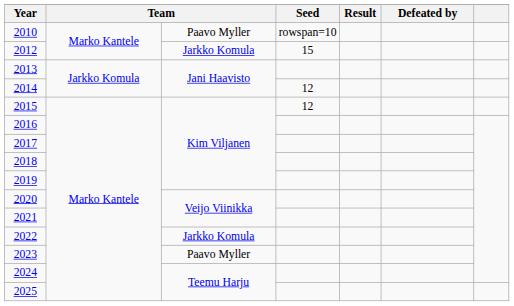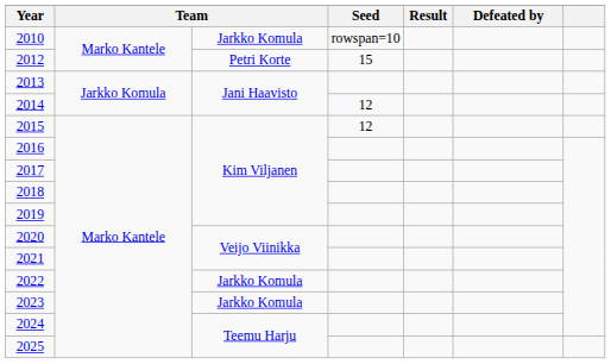 <table class="wikitable" style="text-align: center;">
 <tr style= "background: #e2e2e2;">
 </tr>
 <tr style="background: #efefef;">
 <th width=50px>Year</th>
 <th colspan="2">Team</th>
 <th width=50px>Seed</th>
 <th width=50px>Result</th>
 <th width=120px>Defeated by</th>
 <th width=40px></th>
 </tr>
 <tr>
 <td><a href='#'>2010</a></td>
 <td rowspan=2 width=150px><a href='#'>Marko Kantele</a></td>
-<td>Paavo Myller</td>
+<td width=150px><a href='#'>Jarkko Komula</a></td>
 <td>rowspan=10 </td>
 <td></td>
 <td> </td>
 <td></td>
 </tr>
 <tr>
 <td><a href='#'>2012</a></td>
-<td width=150px><a href='#'>Jarkko Komula</a></td>
+<td><a href='#'>Petri Korte</a></td>
 <td>15</td>
 <td></td>
 <td> </td>
 <td></td>
 </tr>
 <tr>
 <td><a href='#'>2013</a></td>
 <td rowspan=2><a href='#'>Jarkko Komula</a></td>
 <td rowspan=2><a href='#'>Jani Haavisto</a></td>
 <td></td>
 <td></td>
 <td> </td>
 <td></td>
 </tr>
 <tr>
 <td><a href='#'>2014</a></td>
 <td>12</td>
 <td></td>
 <td> </td>
 <td></td>
 </tr>
 <tr>
 <td><a href='#'>2015</a></td>
 <td rowspan=11><a href='#'>Marko Kantele</a></td>
 <td rowspan=5><a href='#'>Kim Viljanen</a></td>
 <td>12</td>
 <td></td>
 <td> </td>
 <td></td>
 </tr>
 <tr>
 <td><a href='#'>2016</a></td>
 <td></td>
 <td> </td>
 <td></td>
 </tr>
 <tr>
 <td><a href='#'>2017</a></td>
 <td></td>
 <td> </td>
 <td></td>
 </tr>
 <tr>
 <td><a href='#'>2018</a></td>
 <td></td>
 <td> </td>
 <td></td>
 </tr>
 <tr>
 <td><a href='#'>2019</a></td>
 <td></td>
 <td> </td>
 <td></td>
 </tr>
 <tr>
 <td><a href='#'>2020</a></td>
 <td rowspan=2><a href='#'>Veijo Viinikka</a></td>
 <td></td>
 <td> </td>
 <td></td>
 </tr>
 <tr>
 <td><a href='#'>2021</a></td>
 <td></td>
 <td> </td>
 <td></td>
 </tr>
 <tr>
 <td><a href='#'>2022</a></td>
 <td width=150px><a href='#'>Jarkko Komula</a></td>
 <td></td>
 <td> </td>
 <td></td>
 </tr>
 <tr>
 <td><a href='#'>2023</a></td>
-<td>Paavo Myller</td>
+<td width=150px><a href='#'>Jarkko Komula</a></td>
 <td></td>
 <td> </td>
 <td></td>
 </tr>
 <tr>
 <td><a href='#'>2024</a></td>
 <td rowspan=2><a href='#'>Teemu Harju</a></td>
 <td></td>
 <td> <br> </td>
 <td></td>
 </tr>
 <tr>
 <td><a href='#'>2025</a></td>
 <td></td>
 <td></td>
 <td></td>
 <td></td>
 </tr>
 </table>
